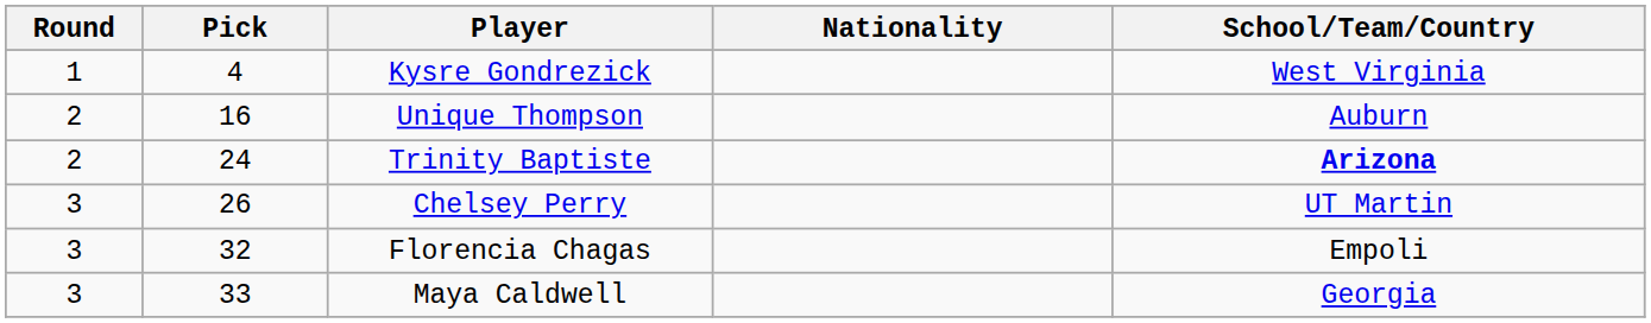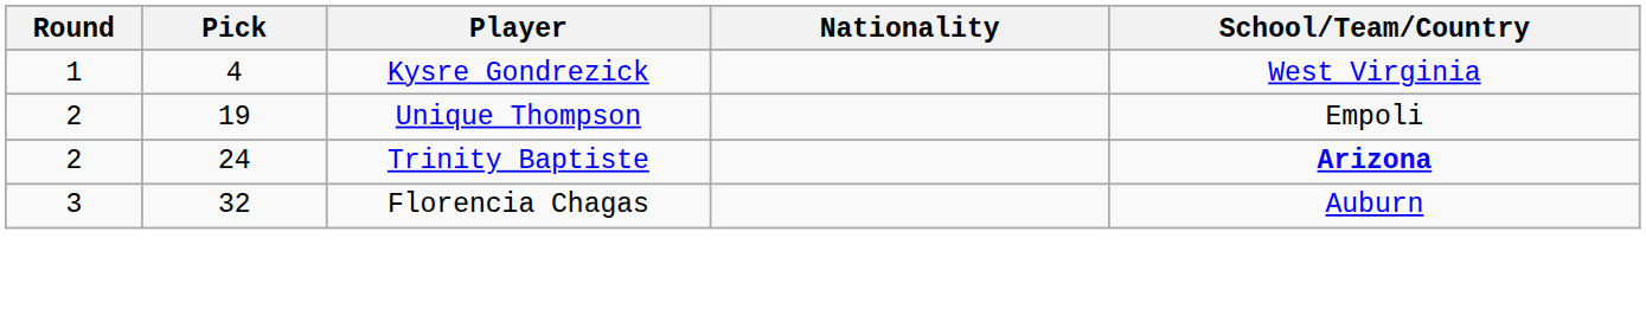 <table class="wikitable" style="text-align:center; width:60em">
 <tr>
 <th width="2%">Round</th>
 <th width="5%">Pick</th>
 <th width="10%">Player</th>
 <th width="10%">Nationality</th>
 <th width="10%">School/Team/Country</th>
 </tr>
 <tr>
 <td>1</td>
 <td>4</td>
 <td><a href='#'>Kysre Gondrezick</a></td>
 <td></td>
 <td><a href='#'>West Virginia</a></td>
 </tr>
 <tr>
 <td>2</td>
-<td>16</td>
+<td>19</td>
 <td><a href='#'>Unique Thompson</a></td>
 <td></td>
-<td><a href='#'>Auburn</a></td>
+<td>Empoli </td>
 </tr>
 <tr>
 <td>2</td>
 <td>24</td>
 <td><a href='#'>Trinity Baptiste</a></td>
 <td></td>
 <td><strong><a href='#'>Arizona</a></strong></td>
 </tr>
 <tr>
 <td>3</td>
-<td>26</td>
-<td><a href='#'>Chelsey Perry</a></td>
-<td></td>
-<td><a href='#'>UT Martin</a></td>
-</tr>
-<tr>
-<td>3</td>
 <td>32</td>
 <td>Florencia Chagas</td>
 <td></td>
-<td>Empoli </td>
-</tr>
-<tr>
-<td>3</td>
-<td>33</td>
-<td>Maya Caldwell</td>
-<td></td>
-<td><a href='#'>Georgia</a></td>
+<td><a href='#'>Auburn</a></td>
 </tr>
 </table>
